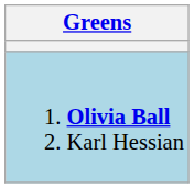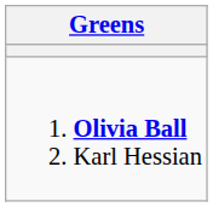 <table class=wikitable>
 <tr>
 <th><a href='#'>Greens</a></th>
 </tr>
 <tr style=background:#ccc>
 <th></th>
 </tr>
 <tr>
-<td valign=top style="background: lightblue;"><br><ol><li><strong><a href='#'>Olivia Ball</a></strong></li><li>Karl Hessian</li></ol></td>
+<td valign=top><br><ol><li><strong><a href='#'>Olivia Ball</a></strong></li><li>Karl Hessian</li></ol></td>
 </tr>
 </table>
